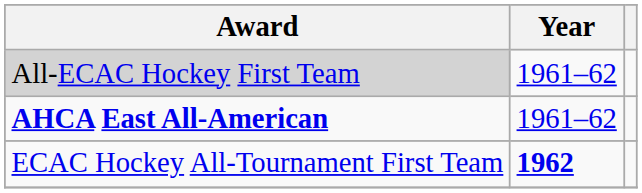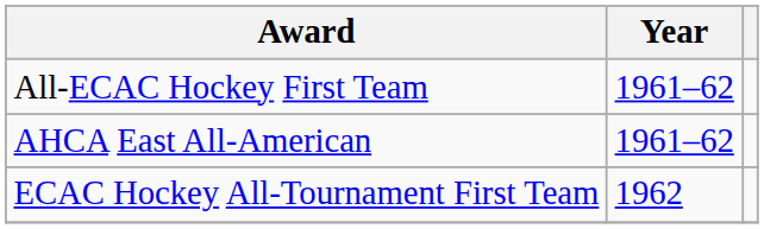 <table class="wikitable">
 <tr>
 <th>Award</th>
 <th>Year</th>
 <th></th>
 </tr>
 <tr>
-<td style="background: lightgrey;">All-<a href='#'>ECAC Hockey</a> <a href='#'>First Team</a></td>
+<td>All-<a href='#'>ECAC Hockey</a> <a href='#'>First Team</a></td>
 <td><a href='#'>1961–62</a></td>
 <td></td>
 </tr>
 <tr>
-<td><strong><a href='#'>AHCA</a> <a href='#'>East All-American</a></strong></td>
+<td><a href='#'>AHCA</a> <a href='#'>East All-American</a></td>
 <td><a href='#'>1961–62</a></td>
 <td></td>
 </tr>
 <tr>
 <td><a href='#'>ECAC Hockey</a> <a href='#'>All-Tournament First Team</a></td>
-<td><strong><a href='#'>1962</a></strong></td>
+<td><a href='#'>1962</a></td>
 <td></td>
 </tr>
 <tr>
 </tr>
 </table>
